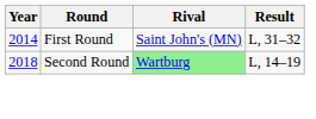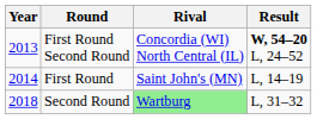 <table class="wikitable"; style= "text-align: ">
 <tr>
 <th width=px>Year</th>
 <th width=px>Round</th>
 <th width=px>Rival</th>
 <th width=px>Result</th>
 </tr>
 <tr>
+<td><a href='#'>2013</a></td>
+<td>First Round<br>Second Round</td>
+<td><a href='#'>Concordia (WI)</a><br><a href='#'>North Central (IL)</a></td>
+<td><strong>W, 54–20</strong><br>L, 24–52</td>
+</tr>
+<tr>
 <td><a href='#'>2014</a></td>
 <td>First Round</td>
 <td><a href='#'>Saint John's (MN)</a></td>
-<td>L, 31–32</td>
+<td>L, 14–19</td>
 </tr>
 <tr>
 <td><a href='#'>2018</a></td>
 <td>Second Round</td>
 <td style="background: lightgreen;"><a href='#'>Wartburg</a></td>
-<td>L, 14–19</td>
+<td>L, 31–32</td>
 </tr>
 </table>
